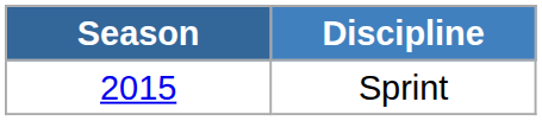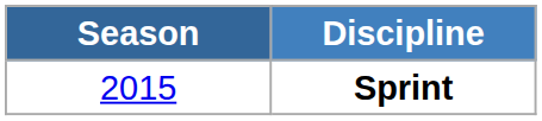 <table class="wikitable" style="font-size:95%; text-align:center; border:grey solid 1px; border-collapse:collapse; background:#ffffff;">
 <tr style="background-color:#369; color:white;">
 <td rowspan="2" colspan="1" style="width:110px"><strong>Season</strong></td>
 </tr>
 <tr style="background-color:#4180be; color:white;">
 <td style="width:110px"><strong>Discipline</strong></td>
 </tr>
 <tr>
 <td rowspan=1 align=center><a href='#'>2015</a></td>
-<td align=center>Sprint</td>
+<td align=center><strong>Sprint</strong></td>
 </tr>
 </table>
